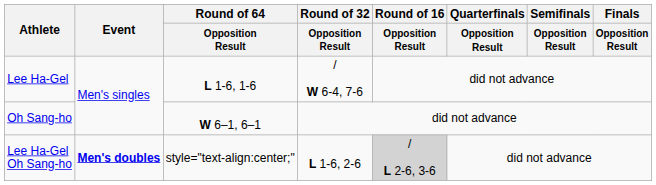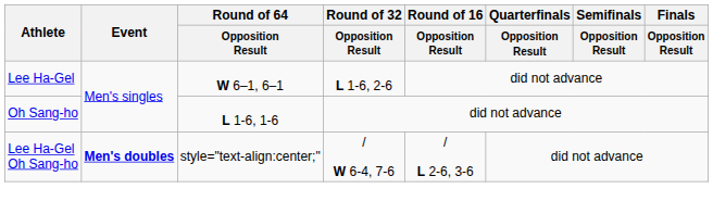 <table class=wikitable>
 <tr>
 <th rowspan="2">Athlete</th>
 <th rowspan="2">Event</th>
 <th>Round of 64</th>
 <th>Round of 32</th>
 <th>Round of 16</th>
 <th>Quarterfinals</th>
 <th>Semifinals</th>
 <th>Finals</th>
 </tr>
 <tr>
 <th style="line-height:1em"><small>Opposition<br>Result</small></th>
 <th style="line-height:1em"><small>Opposition<br>Result</small></th>
 <th style="line-height:1em"><small>Opposition<br>Result</small></th>
 <th style=”line-height:1em”><small>Opposition<br>Result</small></th>
 <th style="line-height:1em"><small>Opposition<br>Result</small></th>
 <th style="line-height:1em"><small>Opposition<br>Result</small></th>
 </tr>
 <tr>
 <td><a href='#'>Lee Ha-Gel</a></td>
 <td rowspan=2><a href='#'>Men's singles</a></td>
-<td style="text-align:center;"><br><strong>L</strong> 1-6, 1-6</td>
-<td style="text-align:center;"> /<br> <br><strong>W</strong> 6-4, 7-6</td>
+<td style="text-align:center;"><br><strong>W</strong> 6–1, 6–1</td>
+<td style="text-align:center;"><br><strong>L</strong> 1-6, 2-6</td>
 <td style="text-align:center;" colspan=4>did not advance</td>
 </tr>
 <tr>
 <td><a href='#'>Oh Sang-ho</a></td>
-<td style="text-align:center;"><br><strong>W</strong> 6–1, 6–1</td>
+<td style="text-align:center;"><br><strong>L</strong> 1-6, 1-6</td>
 <td style="text-align:center;" colspan=5>did not advance</td>
 </tr>
 <tr>
 <td><a href='#'>Lee Ha-Gel</a><br> <a href='#'>Oh Sang-ho</a></td>
 <td><strong><a href='#'>Men's doubles</a></strong></td>
 <td>style="text-align:center;" </td>
-<td style="text-align:center;"><br><strong>L</strong> 1-6, 2-6</td>
-<td style="background: lightgrey; text-align:center;"> /<br> <br><strong>L</strong> 2-6, 3-6</td>
+<td style="text-align:center;"> /<br> <br><strong>W</strong> 6-4, 7-6</td>
+<td style="text-align:center;"> /<br> <br><strong>L</strong> 2-6, 3-6</td>
 <td style="text-align:center;" colspan=3>did not advance</td>
 </tr>
 </table>
